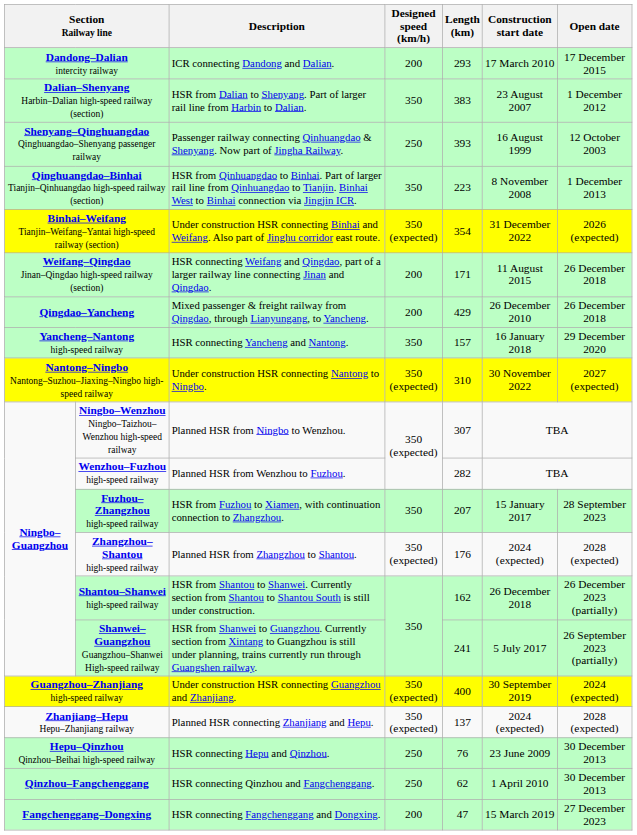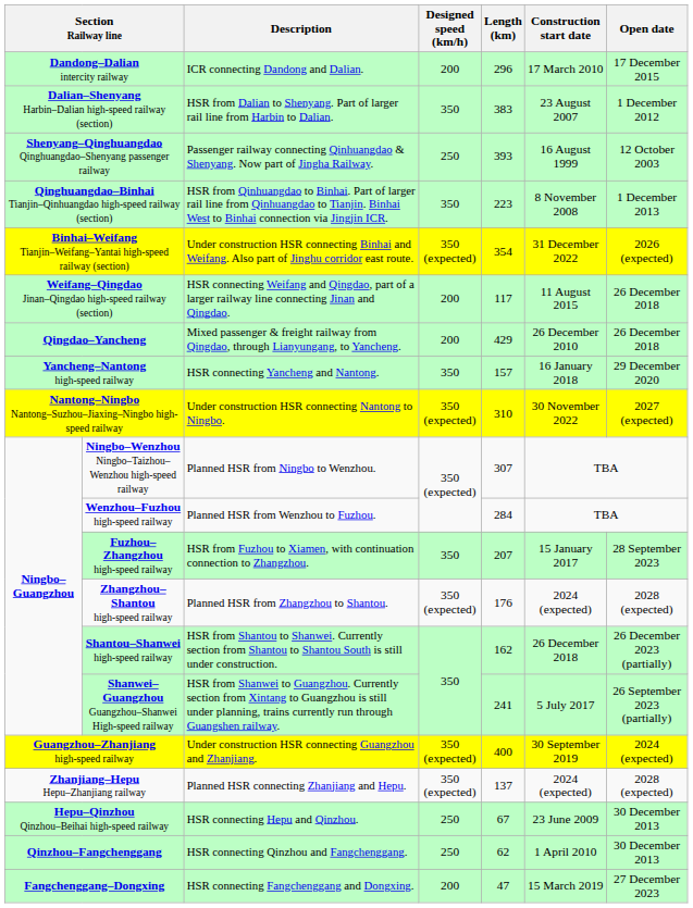 <table class="wikitable sortable" width=70% style="font-size:100%;text-align: center;">
 <tr>
 <th colspan="2"><strong>Section</strong> <br> <small> Railway line </small></th>
 <th><strong>Description</strong></th>
 <th><strong>Designed <br> speed <br> (km/h)</strong> <br></th>
 <th><strong>Length <br> (km)</strong> <br></th>
 <th><strong>Construction <br> start date</strong> <br></th>
 <th><strong>Open date</strong> <br></th>
 </tr>
 <tr style="background:#bcffc5;">
 <td colspan="2"><strong><a href='#'>Dandong–Dalian</a></strong><br> <small>intercity railway</small></td>
 <td style="font-size:95%; text-align:left">ICR connecting <a href='#'>Dandong</a> and <a href='#'>Dalian</a>.</td>
 <td>200</td>
-<td>293</td>
+<td>296</td>
 <td>17 March 2010</td>
 <td>17 December 2015</td>
 </tr>
 <tr style="background:#bcffc5;">
 <td colspan="2"><strong><a href='#'>Dalian–Shenyang</a></strong><br> <small>Harbin–Dalian high-speed railway (section)</small></td>
 <td style="font-size:95%; text-align:left">HSR from <a href='#'>Dalian</a> to <a href='#'>Shenyang</a>. Part of larger rail line from <a href='#'>Harbin</a> to <a href='#'>Dalian</a>.</td>
 <td>350</td>
 <td>383</td>
 <td>23 August 2007</td>
 <td>1 December 2012</td>
 </tr>
 <tr style="background:#bcffc5;">
 <td colspan="2"><strong><a href='#'>Shenyang–Qinghuangdao</a></strong><br> <small>Qinghuangdao–Shenyang passenger railway</small></td>
 <td style="font-size:95%; text-align:left">Passenger railway connecting <a href='#'>Qinhuangdao</a> & <a href='#'>Shenyang</a>. Now part of <a href='#'>Jingha Railway</a>.</td>
 <td>250</td>
 <td>393</td>
 <td>16 August 1999</td>
 <td>12 October 2003</td>
 </tr>
 <tr style="background:#bcffc5;">
 <td colspan="2"><strong><a href='#'>Qinghuangdao–Binhai</a></strong><br> <small> Tianjin–Qinhuangdao high-speed railway (section)</small></td>
 <td style="font-size:95%; text-align:left">HSR from <a href='#'>Qinhuangdao</a> to <a href='#'>Binhai</a>. Part of larger rail line from <a href='#'>Qinhuangdao</a> to <a href='#'>Tianjin</a>. <a href='#'>Binhai West</a> to <a href='#'>Binhai</a> connection via <a href='#'>Jingjin ICR</a>.</td>
 <td>350</td>
 <td>223</td>
 <td>8 November 2008</td>
 <td>1 December 2013</td>
 </tr>
 <tr style="background:yellow;">
 <td colspan="2"><strong><a href='#'>Binhai–Weifang</a></strong><br> <small> Tianjin–Weifang–Yantai high-speed railway (section)</small></td>
 <td style="font-size:95%; text-align:left">Under construction HSR connecting <a href='#'>Binhai</a> and <a href='#'>Weifang</a>. Also part of <a href='#'>Jinghu corridor</a> east route.</td>
 <td>350 (expected)</td>
 <td>354</td>
 <td>31 December 2022</td>
 <td>2026 (expected)</td>
 </tr>
 <tr style="background:#bcffc5;">
 <td colspan="2"><strong><a href='#'>Weifang–Qingdao</a></strong> <br> <small> Jinan–Qingdao high-speed railway (section)</small></td>
 <td style="font-size:95%; text-align:left">HSR connecting <a href='#'>Weifang</a> and <a href='#'>Qingdao</a>, part of a larger railway line connecting <a href='#'>Jinan</a> and <a href='#'>Qingdao</a>.</td>
 <td>200</td>
-<td>171</td>
+<td>117</td>
 <td>11 August 2015</td>
 <td>26 December 2018</td>
 </tr>
 <tr style="background:#bcffc5;">
 <td colspan="2"><strong><a href='#'>Qingdao–Yancheng</a></strong></td>
 <td style="font-size:95%; text-align:left">Mixed passenger & freight railway from <a href='#'>Qingdao</a>, through <a href='#'>Lianyungang</a>, to <a href='#'>Yancheng</a>.</td>
 <td>200</td>
 <td>429</td>
 <td>26 December 2010</td>
 <td>26 December 2018</td>
 </tr>
 <tr style="background:#bcffc5;">
 <td colspan="2"><strong><a href='#'>Yancheng–Nantong</a></strong><br><small>high-speed railway</small></td>
 <td style="font-size:95%; text-align:left">HSR connecting <a href='#'>Yancheng</a> and <a href='#'>Nantong</a>.</td>
 <td>350</td>
 <td>157</td>
 <td>16 January 2018</td>
 <td>29 December 2020</td>
 </tr>
 <tr style="background:yellow;">
 <td colspan="2"><strong><a href='#'>Nantong–Ningbo</a></strong><br><small>Nantong–Suzhou–Jiaxing–Ningbo high-speed railway</small></td>
 <td style="font-size:95%; text-align:left">Under construction HSR connecting <a href='#'>Nantong</a> to <a href='#'>Ningbo</a>.</td>
 <td>350 (expected)</td>
 <td>310</td>
 <td>30 November 2022</td>
 <td>2027 (expected)</td>
 </tr>
 <tr>
 <td rowspan="6"><strong><a href='#'>Ningbo–Guangzhou</a></strong></td>
 <td style="font-size:100%; "><strong><a href='#'>Ningbo–Wenzhou</a></strong> <br><small>Ningbo–Taizhou–Wenzhou high-speed railway</small></td>
 <td style="font-size:95%; text-align:left">Planned HSR from <a href='#'>Ningbo</a> to Wenzhou.</td>
 <td rowspan="2">350 (expected)</td>
 <td>307</td>
 <td colspan="2">TBA</td>
 </tr>
 <tr>
 <td style="font-size:100%;"><strong><a href='#'>Wenzhou–Fuzhou</a></strong><br><small>high-speed railway </small></td>
 <td style="font-size:95%; text-align:left">Planned HSR from Wenzhou to <a href='#'>Fuzhou</a>.</td>
-<td>282</td>
+<td>284</td>
 <td colspan="2">TBA</td>
 </tr>
 <tr style="background:#bcffc5;">
 <td style="font-size:100%; "><a href='#'><strong>Fuzhou–Zhangzhou</strong></a> <br> <small> high-speed railway</small></td>
 <td style="font-size:95%; text-align:left">HSR from <a href='#'>Fuzhou</a> to <a href='#'>Xiamen</a>, with continuation connection to <a href='#'>Zhangzhou</a>.</td>
 <td>350</td>
 <td>207</td>
 <td>15 January 2017</td>
 <td>28 September 2023</td>
 </tr>
 <tr>
 <td style="font-size:100%; "><strong><a href='#'>Zhangzhou–Shantou</a></strong><br><small>high-speed railway</small></td>
 <td style="font-size:95%; text-align:left">Planned HSR from <a href='#'>Zhangzhou</a> to <a href='#'>Shantou</a>.</td>
 <td>350 (expected)</td>
 <td>176</td>
 <td>2024 (expected)</td>
 <td>2028 (expected)</td>
 </tr>
 <tr style="background:#bcffc5;">
 <td style="font-size:100%; "><a href='#'><strong>Shantou–Shanwei</strong></a><br><small> high-speed railway</small></td>
 <td style="font-size:95%; text-align:left">HSR from <a href='#'>Shantou</a> to <a href='#'>Shanwei</a>. Currently section from <a href='#'>Shantou</a> to <a href='#'>Shantou South</a> is still under construction.</td>
 <td rowspan="2">350</td>
 <td>162</td>
 <td>26 December 2018</td>
 <td>26 December 2023 (partially)</td>
 </tr>
 <tr style="background:#bcffc5;">
 <td style="font-size:100%; "><strong><a href='#'>Shanwei–Guangzhou</a></strong><br><small>Guangzhou–Shanwei High-speed railway</small></td>
 <td style="font-size:95%; text-align:left">HSR from <a href='#'>Shanwei</a> to <a href='#'>Guangzhou</a>. Currently section from <a href='#'>Xintang</a> to Guangzhou is still under planning, trains currently run through <a href='#'>Guangshen railway</a>.</td>
 <td>241</td>
 <td>5 July 2017</td>
 <td>26 September 2023 (partially)</td>
 </tr>
 <tr style="background:yellow;">
 <td colspan="2"><strong><a href='#'>Guangzhou–Zhanjiang</a></strong> <br><small>high-speed railway</small></td>
 <td style="font-size:95%; text-align:left">Under construction HSR connecting <a href='#'>Guangzhou</a> and <a href='#'>Zhanjiang</a>.</td>
 <td>350 (expected)</td>
 <td>400</td>
 <td>30 September 2019</td>
 <td>2024 (expected)</td>
 </tr>
 <tr>
 <td colspan="2"><strong><a href='#'>Zhanjiang–Hepu</a></strong> <br> <small> Hepu–Zhanjiang railway </small></td>
 <td style="font-size:95%; text-align:left">Planned HSR connecting <a href='#'>Zhanjiang</a> and <a href='#'>Hepu</a>.</td>
 <td>350 (expected)</td>
 <td>137</td>
 <td>2024 (expected)</td>
 <td>2028 (expected)</td>
 </tr>
 <tr style="background:#bcffc5;">
 <td colspan="2"><strong><a href='#'>Hepu–Qinzhou</a></strong> <br> <small> Qinzhou–Beihai high-speed railway </small></td>
 <td style="font-size:95%; text-align:left">HSR connecting <a href='#'>Hepu</a> and <a href='#'>Qinzhou</a>.</td>
 <td>250</td>
-<td>76</td>
+<td>67</td>
 <td>23 June 2009</td>
 <td>30 December 2013</td>
 </tr>
 <tr style="background:#bcffc5;">
 <td colspan="2"><strong><a href='#'>Qinzhou–Fangchenggang</a></strong></td>
 <td style="font-size:95%; text-align:left">HSR connecting Qinzhou and <a href='#'>Fangchenggang</a>.</td>
 <td>250</td>
 <td>62</td>
 <td>1 April 2010</td>
 <td>30 December 2013</td>
 </tr>
 <tr style="background:#bcffc5;">
 <td colspan="2"><strong><a href='#'>Fangchenggang–Dongxing</a></strong></td>
 <td style="font-size:95%; text-align:left">HSR connecting <a href='#'>Fangchenggang</a> and <a href='#'>Dongxing</a>.</td>
 <td>200</td>
 <td>47</td>
 <td>15 March 2019</td>
 <td>27 December 2023</td>
 </tr>
 </table>
